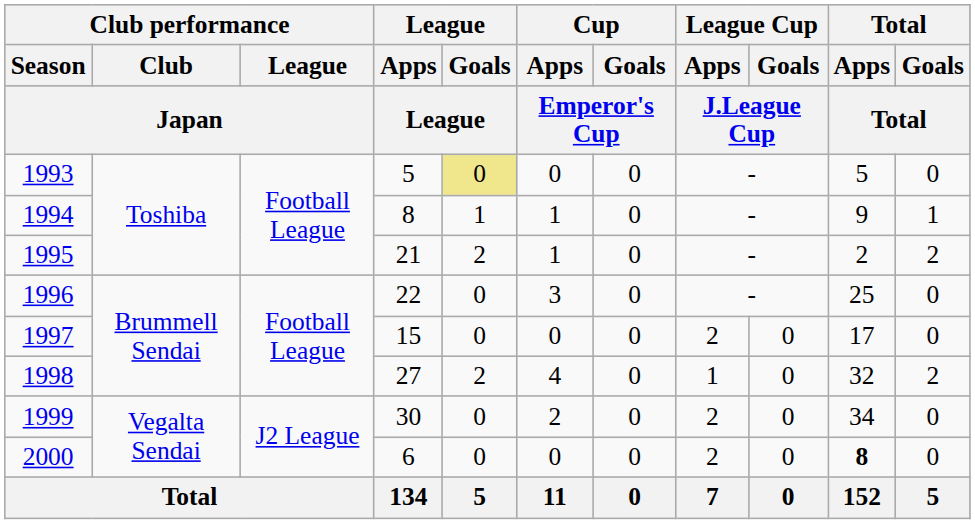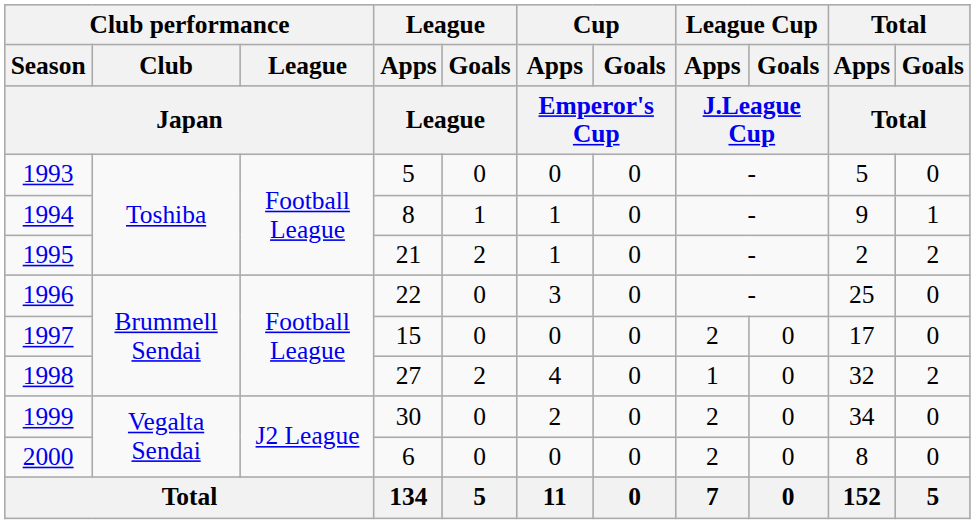 <table class="wikitable" style="text-align:center;">
 <tr>
 <th colspan=3>Club performance</th>
 <th colspan=2>League</th>
 <th colspan=2>Cup</th>
 <th colspan=2>League Cup</th>
 <th colspan=2>Total</th>
 </tr>
 <tr>
 <th>Season</th>
 <th>Club</th>
 <th>League</th>
 <th>Apps</th>
 <th>Goals</th>
 <th>Apps</th>
 <th>Goals</th>
 <th>Apps</th>
 <th>Goals</th>
 <th>Apps</th>
 <th>Goals</th>
 </tr>
 <tr>
 <th colspan=3>Japan</th>
 <th colspan=2>League</th>
 <th colspan=2><a href='#'>Emperor's Cup</a></th>
 <th colspan=2><a href='#'>J.League Cup</a></th>
 <th colspan=2>Total</th>
 </tr>
 <tr>
 <td><a href='#'>1993</a></td>
 <td rowspan="3"><a href='#'>Toshiba</a></td>
 <td rowspan="3"><a href='#'>Football League</a></td>
 <td>5</td>
-<td style="background: khaki;">0</td>
+<td>0</td>
 <td>0</td>
 <td>0</td>
 <td colspan="2">-</td>
 <td>5</td>
 <td>0</td>
 </tr>
 <tr>
 <td><a href='#'>1994</a></td>
 <td>8</td>
 <td>1</td>
 <td>1</td>
 <td>0</td>
 <td colspan="2">-</td>
 <td>9</td>
 <td>1</td>
 </tr>
 <tr>
 <td><a href='#'>1995</a></td>
 <td>21</td>
 <td>2</td>
 <td>1</td>
 <td>0</td>
 <td colspan="2">-</td>
 <td>2</td>
 <td>2</td>
 </tr>
 <tr>
 <td><a href='#'>1996</a></td>
 <td rowspan="3"><a href='#'>Brummell Sendai</a></td>
 <td rowspan="3"><a href='#'>Football League</a></td>
 <td>22</td>
 <td>0</td>
 <td>3</td>
 <td>0</td>
 <td colspan="2">-</td>
 <td>25</td>
 <td>0</td>
 </tr>
 <tr>
 <td><a href='#'>1997</a></td>
 <td>15</td>
 <td>0</td>
 <td>0</td>
 <td>0</td>
 <td>2</td>
 <td>0</td>
 <td>17</td>
 <td>0</td>
 </tr>
 <tr>
 <td><a href='#'>1998</a></td>
 <td>27</td>
 <td>2</td>
 <td>4</td>
 <td>0</td>
 <td>1</td>
 <td>0</td>
 <td>32</td>
 <td>2</td>
 </tr>
 <tr>
 <td><a href='#'>1999</a></td>
 <td rowspan="2"><a href='#'>Vegalta Sendai</a></td>
 <td rowspan="2"><a href='#'>J2 League</a></td>
 <td>30</td>
 <td>0</td>
 <td>2</td>
 <td>0</td>
 <td>2</td>
 <td>0</td>
 <td>34</td>
 <td>0</td>
 </tr>
 <tr>
 <td><a href='#'>2000</a></td>
 <td>6</td>
 <td>0</td>
 <td>0</td>
 <td>0</td>
 <td>2</td>
 <td>0</td>
-<td><strong>8</strong></td>
+<td>8</td>
 <td>0</td>
 </tr>
 <tr>
 <th colspan=3>Total</th>
 <th>134</th>
 <th>5</th>
 <th>11</th>
 <th>0</th>
 <th>7</th>
 <th>0</th>
 <th>152</th>
 <th>5</th>
 </tr>
 </table>
